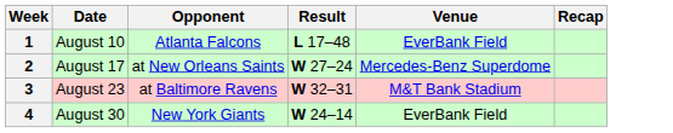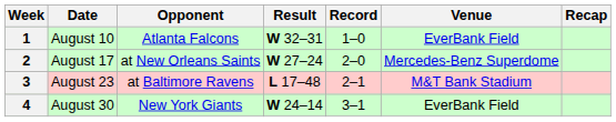 <table class="wikitable" style="text-align:center">
 <tr>
 <th>Week</th>
 <th>Date</th>
 <th>Opponent</th>
 <th>Result</th>
+<th>Record</th>
 <th>Venue</th>
 <th>Recap</th>
 </tr>
 <tr style="background:#cfc;">
 <th>1</th>
 <td>August 10</td>
 <td><a href='#'>Atlanta Falcons</a></td>
-<td><strong>L</strong> 17–48</td>
+<td><strong>W</strong> 32–31</td>
+<td>1–0</td>
 <td><a href='#'>EverBank Field</a></td>
 <td></td>
 </tr>
 <tr style="background:#cfc;">
 <th>2</th>
 <td>August 17</td>
 <td>at <a href='#'>New Orleans Saints</a></td>
 <td><strong>W</strong> 27–24</td>
+<td>2–0</td>
 <td><a href='#'>Mercedes-Benz Superdome</a></td>
 <td></td>
 </tr>
 <tr style="background:#fcc;">
 <th>3</th>
 <td>August 23</td>
 <td>at <a href='#'>Baltimore Ravens</a></td>
-<td><strong>W</strong> 32–31</td>
+<td><strong>L</strong> 17–48</td>
+<td>2–1</td>
 <td><a href='#'>M&T Bank Stadium</a></td>
 <td></td>
 </tr>
 <tr style="background:#cfc;">
 <th>4</th>
 <td>August 30</td>
 <td><a href='#'>New York Giants</a></td>
 <td><strong>W</strong> 24–14</td>
+<td>3–1</td>
 <td>EverBank Field</td>
 <td></td>
 </tr>
 </table>
